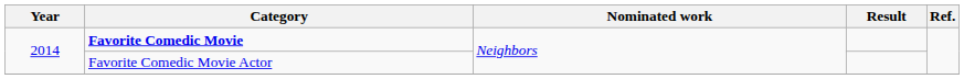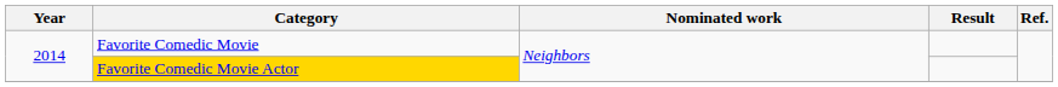 <table class=wikitable>
 <tr>
 <th scope="col" style="width:5em;">Year</th>
 <th scope="col" style="width:26em;">Category</th>
 <th scope="col" style="width:25em;">Nominated work</th>
 <th scope="col" style="width:5em;">Result</th>
 <th>Ref.</th>
 </tr>
 <tr>
 <td style="text-align:center;", rowspan="2"><a href='#'>2014</a></td>
-<td><strong><a href='#'>Favorite Comedic Movie</a></strong></td>
+<td><a href='#'>Favorite Comedic Movie</a></td>
 <td rowspan=2><em><a href='#'>Neighbors</a></em></td>
 <td></td>
 <td rowspan="2" align="center"></td>
 </tr>
 <tr>
-<td><a href='#'>Favorite Comedic Movie Actor</a></td>
+<td style="background: gold;"><a href='#'>Favorite Comedic Movie Actor</a></td>
 <td></td>
 </tr>
 <tr>
 </tr>
 </table>
